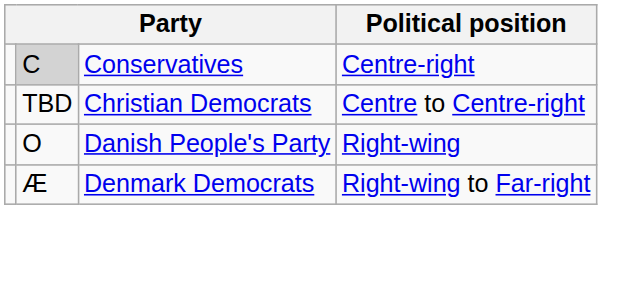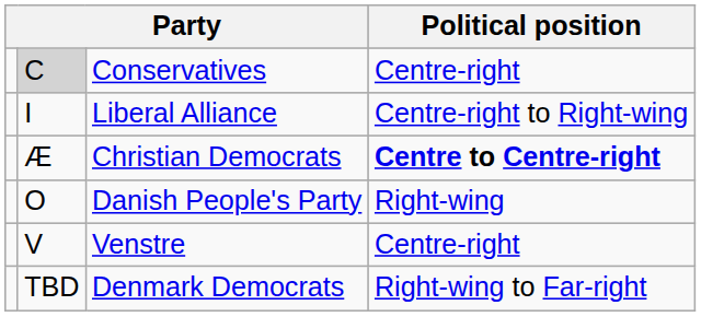 <table class="wikitable">
 <tr>
 <th colspan="3">Party</th>
 <th>Political position</th>
 </tr>
 <tr>
 <td></td>
 <td style="background: lightgrey;">C</td>
 <td><a href='#'>Conservatives</a></td>
 <td><a href='#'>Centre-right</a></td>
 </tr>
 <tr>
 <td></td>
-<td>TBD</td>
+<td>I</td>
+<td><a href='#'>Liberal Alliance</a></td>
+<td><a href='#'>Centre-right</a> to <a href='#'>Right-wing</a></td>
+</tr>
+<tr>
+<td></td>
+<td>Æ</td>
 <td><a href='#'>Christian Democrats</a></td>
-<td><a href='#'>Centre</a> to <a href='#'>Centre-right</a></td>
+<td><strong><a href='#'>Centre</a> to <a href='#'>Centre-right</a></strong></td>
 </tr>
 <tr>
 <td></td>
 <td>O</td>
 <td><a href='#'>Danish People's Party</a></td>
 <td><a href='#'>Right-wing</a></td>
 </tr>
 <tr>
 <td></td>
-<td>Æ</td>
+<td>V</td>
+<td><a href='#'>Venstre</a></td>
+<td><a href='#'>Centre-right</a></td>
+</tr>
+<tr>
+<td></td>
+<td>TBD</td>
 <td><a href='#'>Denmark Democrats</a></td>
 <td><a href='#'>Right-wing</a> to  <a href='#'>Far-right</a></td>
 </tr>
 </table>
